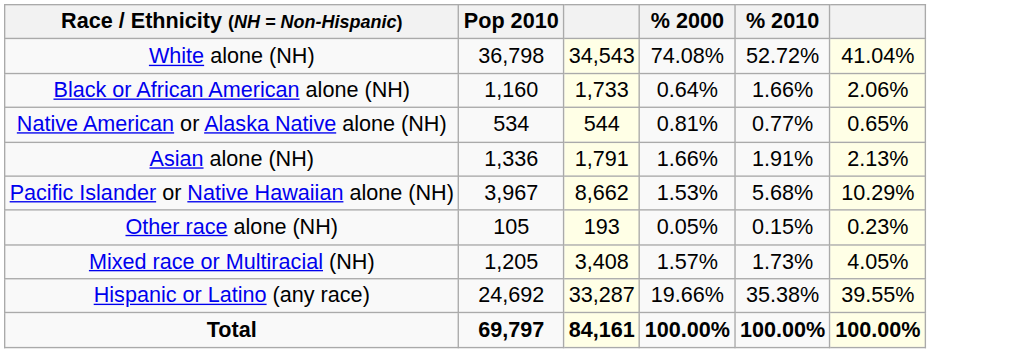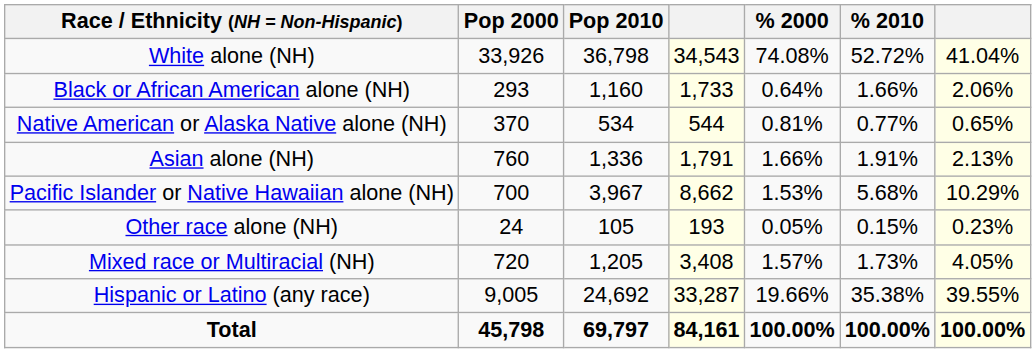 <table class="wikitable" style="text-align:center;">
 <tr>
 <th>Race / Ethnicity <small>(<em>NH = Non-Hispanic</em>)</small></th>
+<th>Pop 2000</th>
 <th>Pop 2010</th>
 <th></th>
 <th>% 2000</th>
 <th>% 2010</th>
 <th></th>
 </tr>
 <tr>
 <td><a href='#'>White</a> alone (NH)</td>
+<td>33,926</td>
 <td>36,798</td>
 <td style='background: #ffffe6;'>34,543</td>
 <td>74.08%</td>
 <td>52.72%</td>
 <td style='background: #ffffe6;'>41.04%</td>
 </tr>
 <tr>
 <td><a href='#'>Black or African American</a> alone (NH)</td>
+<td>293</td>
 <td>1,160</td>
 <td style='background: #ffffe6;'>1,733</td>
 <td>0.64%</td>
 <td>1.66%</td>
 <td style='background: #ffffe6;'>2.06%</td>
 </tr>
 <tr>
 <td><a href='#'>Native American</a> or <a href='#'>Alaska Native</a> alone (NH)</td>
+<td>370</td>
 <td>534</td>
 <td style='background: #ffffe6;'>544</td>
 <td>0.81%</td>
 <td>0.77%</td>
 <td style='background: #ffffe6;'>0.65%</td>
 </tr>
 <tr>
 <td><a href='#'>Asian</a> alone (NH)</td>
+<td>760</td>
 <td>1,336</td>
 <td style='background: #ffffe6;'>1,791</td>
 <td>1.66%</td>
 <td>1.91%</td>
 <td style='background: #ffffe6;'>2.13%</td>
 </tr>
 <tr>
 <td><a href='#'>Pacific Islander</a> or <a href='#'>Native Hawaiian</a> alone (NH)</td>
+<td>700</td>
 <td>3,967</td>
 <td style='background: #ffffe6;'>8,662</td>
 <td>1.53%</td>
 <td>5.68%</td>
 <td style='background: #ffffe6;'>10.29%</td>
 </tr>
 <tr>
 <td><a href='#'>Other race</a> alone (NH)</td>
+<td>24</td>
 <td>105</td>
 <td style='background: #ffffe6;'>193</td>
 <td>0.05%</td>
 <td>0.15%</td>
 <td style='background: #ffffe6;'>0.23%</td>
 </tr>
 <tr>
 <td><a href='#'>Mixed race or Multiracial</a> (NH)</td>
+<td>720</td>
 <td>1,205</td>
 <td style='background: #ffffe6;'>3,408</td>
 <td>1.57%</td>
 <td>1.73%</td>
 <td style='background: #ffffe6;'>4.05%</td>
 </tr>
 <tr>
 <td><a href='#'>Hispanic or Latino</a> (any race)</td>
+<td>9,005</td>
 <td>24,692</td>
 <td style='background: #ffffe6;'>33,287</td>
 <td>19.66%</td>
 <td>35.38%</td>
 <td style='background: #ffffe6;'>39.55%</td>
 </tr>
 <tr>
 <td><strong>Total</strong></td>
+<td><strong>45,798</strong></td>
 <td><strong>69,797</strong></td>
 <td style='background: #ffffe6;'><strong>84,161</strong></td>
 <td><strong>100.00%</strong></td>
 <td><strong>100.00%</strong></td>
 <td style='background: #ffffe6;'><strong>100.00%</strong></td>
 </tr>
 </table>
